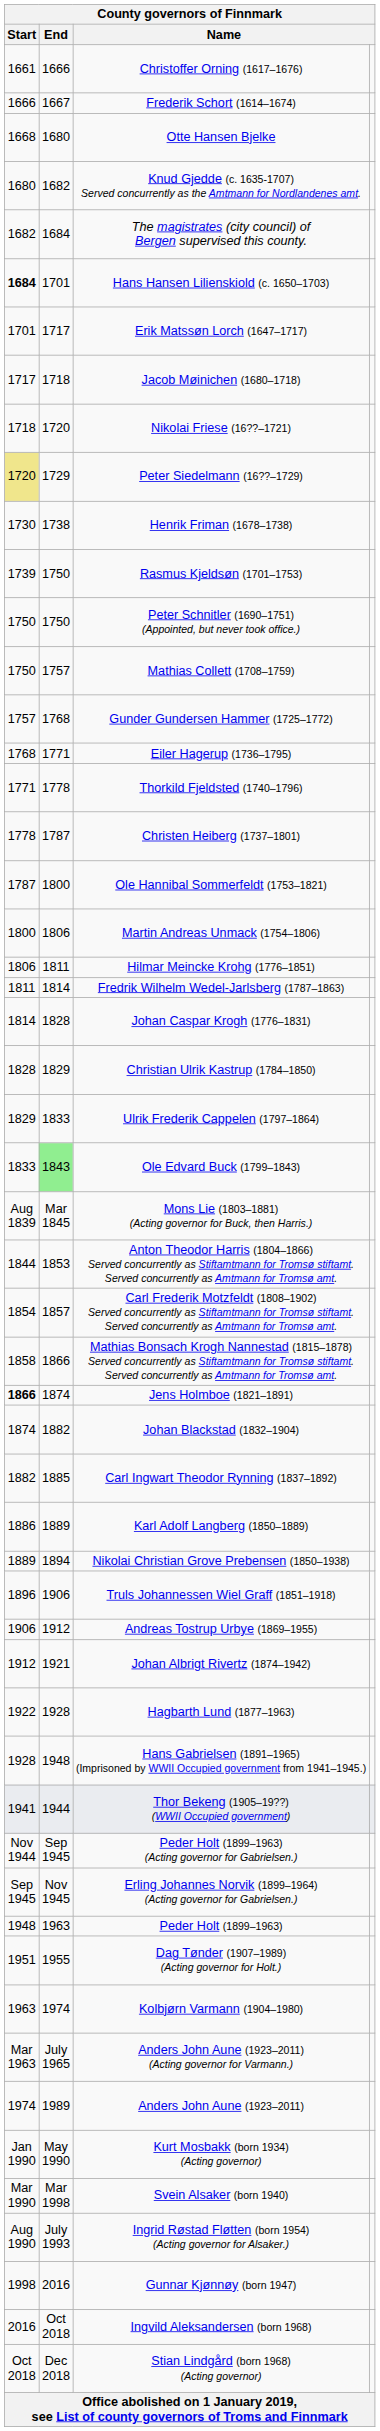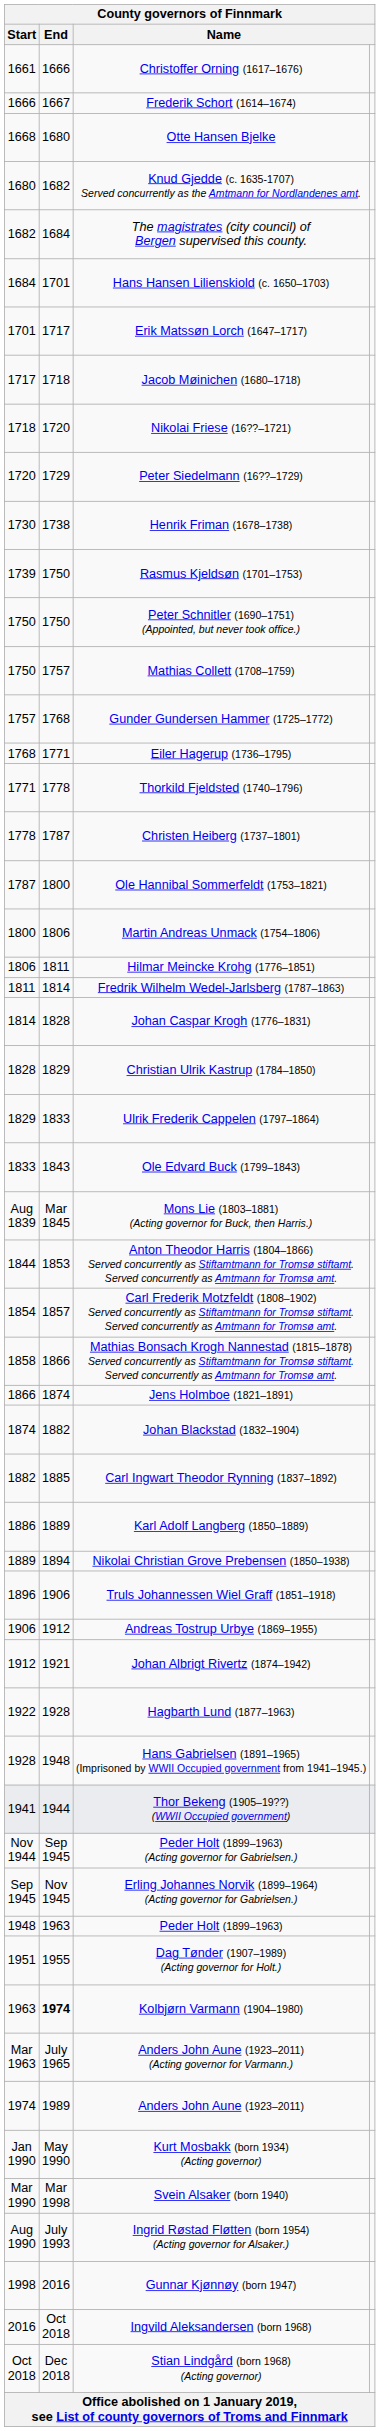 <table class="wikitable" style="text-align:center">
 <tr>
 <th colspan=5>County governors of Finnmark</th>
 </tr>
 <tr>
 <th>Start</th>
 <th>End</th>
 <th colspan="2">Name</th>
 </tr>
 <tr>
 <td>1661</td>
 <td>1666</td>
 <td><a href='#'>Christoffer Orning</a> <small>(1617–1676)</small></td>
 <td><br><br><br></td>
 </tr>
 <tr>
 <td>1666</td>
 <td>1667</td>
 <td><a href='#'>Frederik Schort</a> <small>(1614–1674)</small></td>
 <td></td>
 </tr>
 <tr>
 <td>1668</td>
 <td>1680</td>
 <td><a href='#'>Otte Hansen Bjelke</a></td>
 <td><br><br><br></td>
 </tr>
 <tr>
 <td>1680</td>
 <td>1682</td>
 <td><a href='#'>Knud Gjedde</a> <small>(c. 1635-1707)</small><br><small><em>Served concurrently as the <a href='#'>Amtmann for Nordlandenes amt</a>.</em></small></td>
 <td><br><br><br></td>
 </tr>
 <tr>
 <td>1682</td>
 <td>1684</td>
 <td><em>The <a href='#'>magistrates</a> (city council) of<br><a href='#'>Bergen</a> supervised this county.</em></td>
 <td><br><br><br></td>
 </tr>
 <tr>
-<td><strong>1684</strong></td>
+<td>1684</td>
 <td>1701</td>
 <td><a href='#'>Hans Hansen Lilienskiold</a> <small>(c. 1650–1703)</small></td>
 <td><br><br><br></td>
 </tr>
 <tr>
 <td>1701</td>
 <td>1717</td>
 <td><a href='#'>Erik Matssøn Lorch</a> <small>(1647–1717)</small></td>
 <td><br><br><br></td>
 </tr>
 <tr>
 <td>1717</td>
 <td>1718</td>
 <td><a href='#'>Jacob Møinichen</a> <small>(1680–1718)</small></td>
 <td><br><br><br></td>
 </tr>
 <tr>
 <td>1718</td>
 <td>1720</td>
 <td><a href='#'>Nikolai Friese</a> <small>(16??–1721)</small></td>
 <td><br><br><br></td>
 </tr>
 <tr>
-<td style="background: khaki;">1720</td>
+<td>1720</td>
 <td>1729</td>
 <td><a href='#'>Peter Siedelmann</a> <small>(16??–1729)</small></td>
 <td><br><br><br></td>
 </tr>
 <tr>
 <td>1730</td>
 <td>1738</td>
 <td><a href='#'>Henrik Friman</a> <small>(1678–1738)</small></td>
 <td><br><br><br></td>
 </tr>
 <tr>
 <td>1739</td>
 <td>1750</td>
 <td><a href='#'>Rasmus Kjeldsøn</a> <small>(1701–1753)</small></td>
 <td><br><br><br></td>
 </tr>
 <tr>
 <td>1750</td>
 <td>1750</td>
 <td><a href='#'>Peter Schnitler</a> <small>(1690–1751)</small><br><small><em>(Appointed, but never took office.)</em></small></td>
 <td><br><br><br></td>
 </tr>
 <tr>
 <td>1750</td>
 <td>1757</td>
 <td><a href='#'>Mathias Collett</a> <small>(1708–1759)</small></td>
 <td><br><br><br></td>
 </tr>
 <tr>
 <td>1757</td>
 <td>1768</td>
 <td><a href='#'>Gunder Gundersen Hammer</a> <small>(1725–1772)</small></td>
 <td><br><br><br></td>
 </tr>
 <tr>
 <td>1768</td>
 <td>1771</td>
 <td><a href='#'>Eiler Hagerup</a> <small>(1736–1795)</small></td>
 <td></td>
 </tr>
 <tr>
 <td>1771</td>
 <td>1778</td>
 <td><a href='#'>Thorkild Fjeldsted</a> <small>(1740–1796)</small></td>
 <td><br><br><br></td>
 </tr>
 <tr>
 <td>1778</td>
 <td>1787</td>
 <td><a href='#'>Christen Heiberg</a> <small>(1737–1801)</small></td>
 <td><br><br> <br></td>
 </tr>
 <tr>
 <td>1787</td>
 <td>1800</td>
 <td><a href='#'>Ole Hannibal Sommerfeldt</a> <small>(1753–1821)</small></td>
 <td><br><br><br></td>
 </tr>
 <tr>
 <td>1800</td>
 <td>1806</td>
 <td><a href='#'>Martin Andreas Unmack</a> <small>(1754–1806)</small></td>
 <td><br><br><br></td>
 </tr>
 <tr>
 <td>1806</td>
 <td>1811</td>
 <td><a href='#'>Hilmar Meincke Krohg</a> <small>(1776–1851)</small></td>
 <td></td>
 </tr>
 <tr>
 <td>1811</td>
 <td>1814</td>
 <td><a href='#'>Fredrik Wilhelm Wedel-Jarlsberg</a> <small>(1787–1863)</small></td>
 <td></td>
 </tr>
 <tr>
 <td>1814</td>
 <td>1828</td>
 <td><a href='#'>Johan Caspar Krogh</a> <small>(1776–1831)</small></td>
 <td><br><br><br></td>
 </tr>
 <tr>
 <td>1828</td>
 <td>1829</td>
 <td><a href='#'>Christian Ulrik Kastrup</a> <small>(1784–1850)</small></td>
 <td><br><br><br></td>
 </tr>
 <tr>
 <td>1829</td>
 <td>1833</td>
 <td><a href='#'>Ulrik Frederik Cappelen</a> <small>(1797–1864)</small></td>
 <td><br><br><br></td>
 </tr>
 <tr>
 <td>1833</td>
-<td style="background: lightgreen;">1843</td>
+<td>1843</td>
 <td><a href='#'>Ole Edvard Buck</a> <small>(1799–1843)</small></td>
 <td><br><br> <br></td>
 </tr>
 <tr>
 <td>Aug<br>1839</td>
 <td>Mar<br>1845</td>
 <td><a href='#'>Mons Lie</a> <small>(1803–1881)</small><br><small><em>(Acting governor for Buck, then Harris.)</em></small></td>
 <td><br><br><br></td>
 </tr>
 <tr>
 <td>1844</td>
 <td>1853</td>
 <td><a href='#'>Anton Theodor Harris</a> <small>(1804–1866)</small><br><small><em>Served concurrently as <a href='#'>Stiftamtmann for Tromsø stiftamt</a>.</em></small><br><small><em>Served concurrently as <a href='#'>Amtmann for Tromsø amt</a>.</em></small></td>
 <td><br><br><br></td>
 </tr>
 <tr>
 <td>1854</td>
 <td>1857</td>
 <td><a href='#'>Carl Frederik Motzfeldt</a> <small>(1808–1902)</small><br><small><em>Served concurrently as <a href='#'>Stiftamtmann for Tromsø stiftamt</a>.</em></small><br><small><em>Served concurrently as <a href='#'>Amtmann for Tromsø amt</a>.</em></small></td>
 <td></td>
 </tr>
 <tr>
 <td>1858</td>
 <td>1866</td>
 <td><a href='#'>Mathias Bonsach Krogh Nannestad</a> <small>(1815–1878)</small><br><small><em>Served concurrently as <a href='#'>Stiftamtmann for Tromsø stiftamt</a>.</em></small><br><small><em>Served concurrently as <a href='#'>Amtmann for Tromsø amt</a>.</em></small></td>
 <td><br><br><br></td>
 </tr>
 <tr>
-<td><strong>1866</strong></td>
+<td>1866</td>
 <td>1874</td>
 <td><a href='#'>Jens Holmboe</a> <small>(1821–1891)</small></td>
 <td></td>
 </tr>
 <tr>
 <td>1874</td>
 <td>1882</td>
 <td><a href='#'>Johan Blackstad</a> <small>(1832–1904)</small></td>
 <td><br><br><br></td>
 </tr>
 <tr>
 <td>1882</td>
 <td>1885</td>
 <td><a href='#'>Carl Ingwart Theodor Rynning</a> <small>(1837–1892)</small></td>
 <td><br><br><br></td>
 </tr>
 <tr>
 <td>1886</td>
 <td>1889</td>
 <td><a href='#'>Karl Adolf Langberg</a> <small>(1850–1889)</small></td>
 <td><br><br><br></td>
 </tr>
 <tr>
 <td>1889</td>
 <td>1894</td>
 <td><a href='#'>Nikolai Christian Grove Prebensen</a> <small>(1850–1938)</small></td>
 <td></td>
 </tr>
 <tr>
 <td>1896</td>
 <td>1906</td>
 <td><a href='#'>Truls Johannessen Wiel Graff</a> <small>(1851–1918)</small></td>
 <td><br><br><br></td>
 </tr>
 <tr>
 <td>1906</td>
 <td>1912</td>
 <td><a href='#'>Andreas Tostrup Urbye</a> <small>(1869–1955)</small></td>
 <td></td>
 </tr>
 <tr>
 <td>1912</td>
 <td>1921</td>
 <td><a href='#'>Johan Albrigt Rivertz</a> <small>(1874–1942)</small></td>
 <td><br><br><br></td>
 </tr>
 <tr>
 <td>1922</td>
 <td>1928</td>
 <td><a href='#'>Hagbarth Lund</a> <small>(1877–1963)</small></td>
 <td><br><br><br></td>
 </tr>
 <tr>
 <td>1928</td>
 <td>1948</td>
 <td><a href='#'>Hans Gabrielsen</a> <small>(1891–1965)</small><br><small>(Imprisoned by <a href='#'>WWII Occupied government</a> from 1941–1945.)</small><br></td>
 <td><br><br><br></td>
 </tr>
 <tr bgcolor="#EAECF0">
 <td>1941</td>
 <td>1944</td>
 <td><a href='#'>Thor Bekeng</a> <small>(1905–19??)</small><br><small><em>(<a href='#'>WWII Occupied government</a>)</em></small></td>
 <td><br><br><br></td>
 </tr>
 <tr>
 <td>Nov<br>1944</td>
 <td>Sep<br>1945</td>
 <td><a href='#'>Peder Holt</a> <small>(1899–1963)</small><br><small><em>(Acting governor for Gabrielsen.)</em></small></td>
 <td></td>
 </tr>
 <tr>
 <td>Sep<br>1945</td>
 <td>Nov<br>1945</td>
 <td><a href='#'>Erling Johannes Norvik</a> <small>(1899–1964)</small><br><small><em>(Acting governor for Gabrielsen.)</em></small></td>
 <td><br><br><br></td>
 </tr>
 <tr>
 <td>1948</td>
 <td>1963</td>
 <td><a href='#'>Peder Holt</a> <small>(1899–1963)</small></td>
 <td></td>
 </tr>
 <tr>
 <td>1951</td>
 <td>1955</td>
 <td><a href='#'>Dag Tønder</a> <small>(1907–1989)</small><br><small><em>(Acting governor for Holt.)</em></small></td>
 <td><br><br><br></td>
 </tr>
 <tr>
 <td>1963</td>
-<td>1974</td>
+<td><strong>1974</strong></td>
 <td><a href='#'>Kolbjørn Varmann</a> <small>(1904–1980)</small></td>
 <td><br><br><br></td>
 </tr>
 <tr>
 <td>Mar<br>1963</td>
 <td>July<br>1965</td>
 <td><a href='#'>Anders John Aune</a> <small>(1923–2011)</small><br><small><em>(Acting governor for Varmann.)</em></small></td>
 <td><br><br><br></td>
 </tr>
 <tr>
 <td>1974</td>
 <td>1989</td>
 <td><a href='#'>Anders John Aune</a> <small>(1923–2011)</small></td>
 <td><br><br><br></td>
 </tr>
 <tr>
 <td>Jan<br>1990</td>
 <td>May<br>1990</td>
 <td><a href='#'>Kurt Mosbakk</a> <small>(born 1934)</small><br><small><em>(Acting governor)</em></small></td>
 <td><br><br><br></td>
 </tr>
 <tr>
 <td>Mar<br>1990</td>
 <td>Mar<br>1998</td>
 <td><a href='#'>Svein Alsaker</a> <small>(born 1940)</small></td>
 <td></td>
 </tr>
 <tr>
 <td>Aug<br>1990</td>
 <td>July<br>1993</td>
 <td><a href='#'>Ingrid Røstad Fløtten</a> <small>(born 1954)</small><br><small><em>(Acting governor for Alsaker.)</em></small></td>
 <td><br><br><br></td>
 </tr>
 <tr>
 <td>1998</td>
 <td>2016</td>
 <td><a href='#'>Gunnar Kjønnøy</a> <small>(born 1947)</small></td>
 <td><br><br><br></td>
 </tr>
 <tr>
 <td>2016</td>
 <td>Oct<br>2018</td>
 <td><a href='#'>Ingvild Aleksandersen</a> <small>(born 1968)</small></td>
 <td></td>
 </tr>
 <tr>
 <td>Oct<br>2018</td>
 <td>Dec<br>2018</td>
 <td><a href='#'>Stian Lindgård</a> <small>(born 1968)</small><br><small><em>(Acting governor)</em></small></td>
 <td><br><br><br></td>
 </tr>
 <tr>
 <th colspan="4">Office abolished on 1 January 2019,<br>see <a href='#'>List of county governors of Troms and Finnmark</a></th>
 </tr>
 </table>
